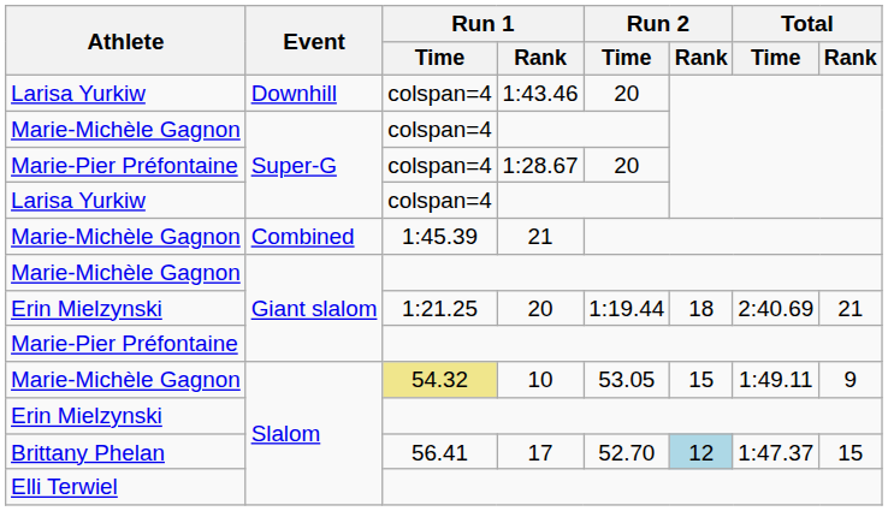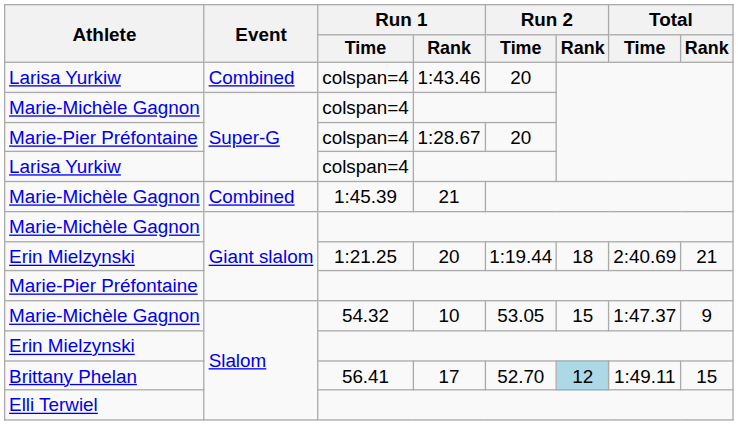 <table class="wikitable" style="font-size:90%">
 <tr>
 <th rowspan=2>Athlete</th>
 <th rowspan=2>Event</th>
 <th colspan=2>Run 1</th>
 <th colspan=2>Run 2</th>
 <th colspan=2>Total</th>
 </tr>
 <tr style="font-size:95%">
 <th>Time</th>
 <th>Rank</th>
 <th>Time</th>
 <th>Rank</th>
 <th>Time</th>
 <th>Rank</th>
 </tr>
 <tr align=center>
 <td align=left><a href='#'>Larisa Yurkiw</a></td>
-<td align=left><a href='#'>Downhill</a></td>
+<td align=left><a href='#'>Combined</a></td>
 <td>colspan=4 </td>
 <td>1:43.46</td>
 <td>20</td>
 </tr>
 <tr align=center>
 <td align=left><a href='#'>Marie-Michèle Gagnon</a></td>
 <td align=left rowspan=3><a href='#'>Super-G</a></td>
 <td>colspan=4 </td>
 <td colspan=2></td>
 </tr>
 <tr align=center>
 <td align=left><a href='#'>Marie-Pier Préfontaine</a></td>
 <td>colspan=4 </td>
 <td>1:28.67</td>
 <td>20</td>
 </tr>
 <tr align=center>
 <td align=left><a href='#'>Larisa Yurkiw</a></td>
 <td>colspan=4 </td>
 <td colspan=2></td>
 </tr>
 <tr align=center>
 <td align=left><a href='#'>Marie-Michèle Gagnon</a></td>
 <td align=left><a href='#'>Combined</a></td>
 <td>1:45.39</td>
 <td>21</td>
 <td colspan=4></td>
 </tr>
 <tr align=center>
 <td align=left><a href='#'>Marie-Michèle Gagnon</a></td>
 <td align=left rowspan=3><a href='#'>Giant slalom</a></td>
 <td colspan=6></td>
 </tr>
 <tr align=center>
 <td align=left><a href='#'>Erin Mielzynski</a></td>
 <td>1:21.25</td>
 <td>20</td>
 <td>1:19.44</td>
 <td>18</td>
 <td>2:40.69</td>
 <td>21</td>
 </tr>
 <tr align=center>
 <td align=left><a href='#'>Marie-Pier Préfontaine</a></td>
 <td colspan=6></td>
 </tr>
 <tr align=center>
 <td align=left><a href='#'>Marie-Michèle Gagnon</a></td>
 <td align=left rowspan=4><a href='#'>Slalom</a></td>
-<td style="background: khaki;">54.32</td>
+<td>54.32</td>
 <td>10</td>
 <td>53.05</td>
 <td>15</td>
-<td>1:49.11</td>
+<td>1:47.37</td>
 <td>9</td>
 </tr>
 <tr align=center>
 <td align=left><a href='#'>Erin Mielzynski</a></td>
 <td colspan=6></td>
 </tr>
 <tr align=center>
 <td align=left><a href='#'>Brittany Phelan</a></td>
 <td>56.41</td>
 <td>17</td>
 <td>52.70</td>
 <td style="background: lightblue;">12</td>
-<td>1:47.37</td>
+<td>1:49.11</td>
 <td>15</td>
 </tr>
 <tr align=center>
 <td align=left><a href='#'>Elli Terwiel</a></td>
 <td colspan=6></td>
 </tr>
 </table>
